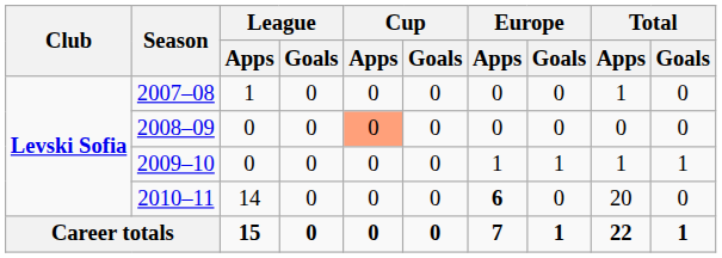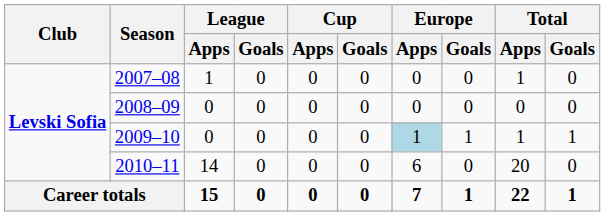 <table class="wikitable" style="text-align: center;">
 <tr>
 <th rowspan="2">Club</th>
 <th rowspan="2">Season</th>
 <th colspan="2">League</th>
 <th colspan="2">Cup</th>
 <th colspan="2">Europe</th>
 <th colspan="2">Total</th>
 </tr>
 <tr>
 <th>Apps</th>
 <th>Goals</th>
 <th>Apps</th>
 <th>Goals</th>
 <th>Apps</th>
 <th>Goals</th>
 <th>Apps</th>
 <th>Goals</th>
 </tr>
 <tr>
 <td rowspan="4" valign="center"><strong><a href='#'>Levski Sofia</a></strong></td>
 <td><a href='#'>2007–08</a></td>
 <td>1</td>
 <td>0</td>
 <td>0</td>
 <td>0</td>
 <td>0</td>
 <td>0</td>
 <td>1</td>
 <td>0</td>
 </tr>
 <tr>
 <td><a href='#'>2008–09</a></td>
 <td>0</td>
 <td>0</td>
-<td style="background: lightsalmon;">0</td>
+<td>0</td>
 <td>0</td>
 <td>0</td>
 <td>0</td>
 <td>0</td>
 <td>0</td>
 </tr>
 <tr>
 <td><a href='#'>2009–10</a></td>
 <td>0</td>
 <td>0</td>
 <td>0</td>
 <td>0</td>
-<td>1</td>
+<td style="background: lightblue;">1</td>
 <td>1</td>
 <td>1</td>
 <td>1</td>
 </tr>
 <tr>
 <td><a href='#'>2010–11</a></td>
 <td>14</td>
 <td>0</td>
 <td>0</td>
 <td>0</td>
-<td><strong>6</strong></td>
+<td>6</td>
 <td>0</td>
 <td>20</td>
 <td>0</td>
 </tr>
 <tr>
 <th colspan="2"><strong>Career totals</strong></th>
 <td><strong>15</strong></td>
 <td><strong>0</strong></td>
 <td><strong>0</strong></td>
 <td><strong>0</strong></td>
 <td><strong>7</strong></td>
 <td><strong>1</strong></td>
 <td><strong>22</strong></td>
 <td><strong>1</strong></td>
 </tr>
 </table>
